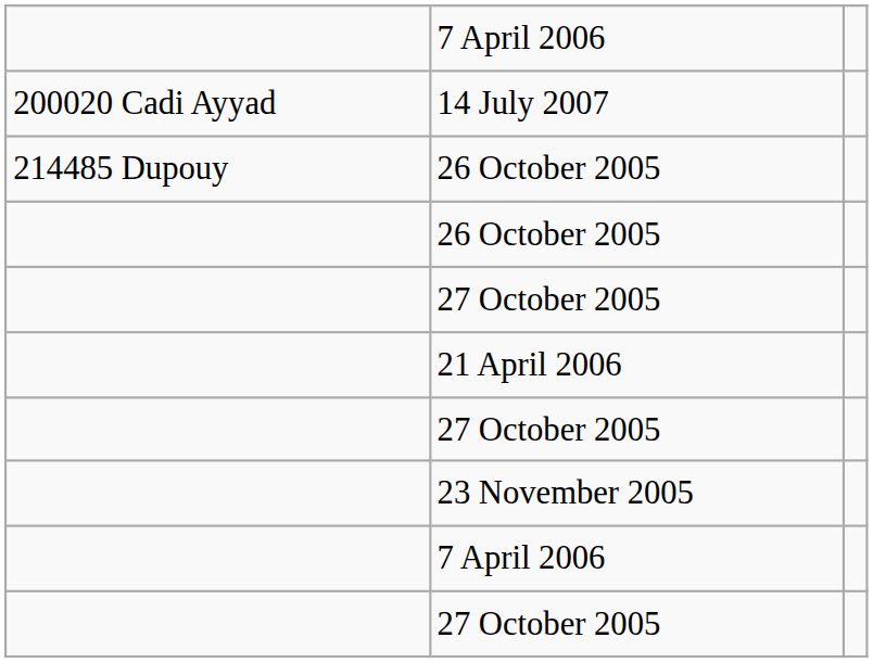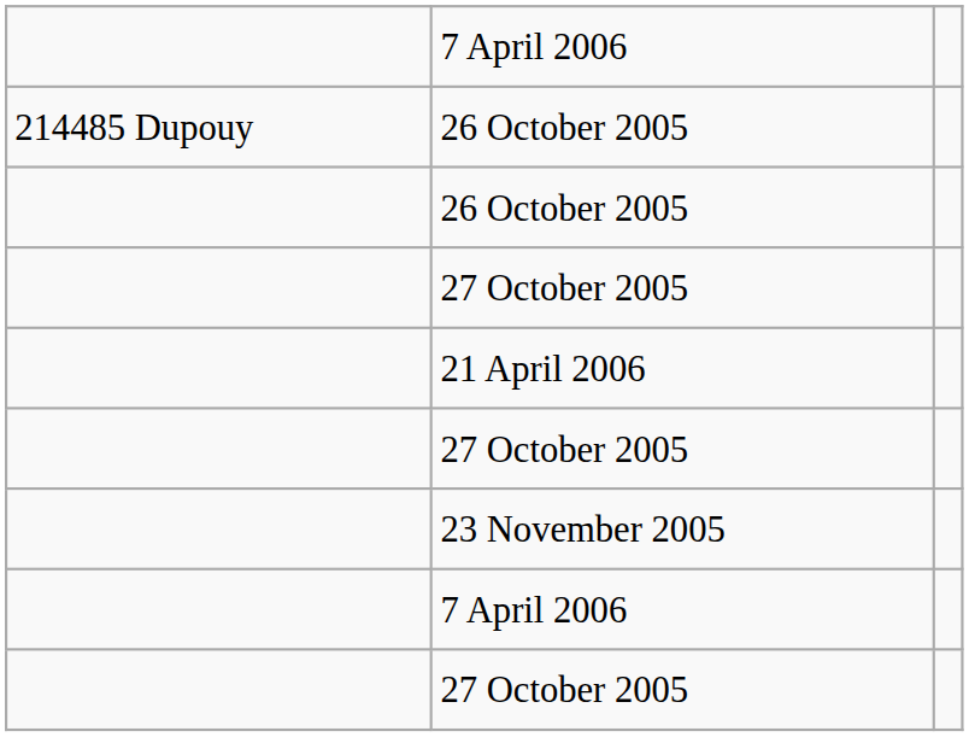 <table class="wikitable" style="font-size: 89%; float: left; width: 26em; margin-right: 1em; height: 280px;">
 <tr>
 <td></td>
 <td>7 April 2006</td>
-<td></td>
-</tr>
-<tr>
-<td>200020 Cadi Ayyad</td>
-<td>14 July 2007</td>
 <td></td>
 </tr>
 <tr>
 <td>214485 Dupouy</td>
 <td>26 October 2005</td>
 <td></td>
 </tr>
 <tr>
 <td></td>
 <td>26 October 2005</td>
 <td></td>
 </tr>
 <tr>
 <td></td>
 <td>27 October 2005</td>
 <td></td>
 </tr>
 <tr>
 <td></td>
 <td>21 April 2006</td>
 <td></td>
 </tr>
 <tr>
 <td></td>
 <td>27 October 2005</td>
 <td></td>
 </tr>
 <tr>
 <td></td>
 <td>23 November 2005</td>
 <td></td>
 </tr>
 <tr>
 <td></td>
 <td>7 April 2006</td>
 <td></td>
 </tr>
 <tr>
 <td></td>
 <td>27 October 2005</td>
 <td></td>
 </tr>
 </table>
